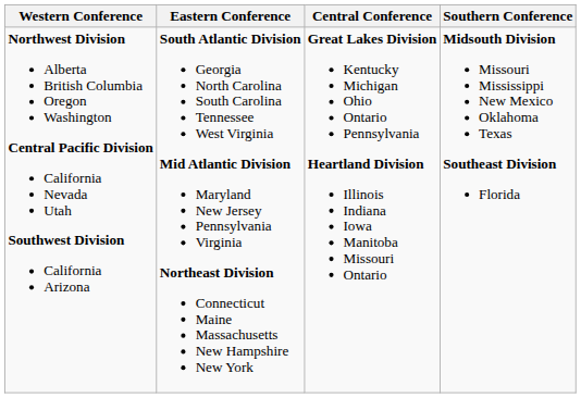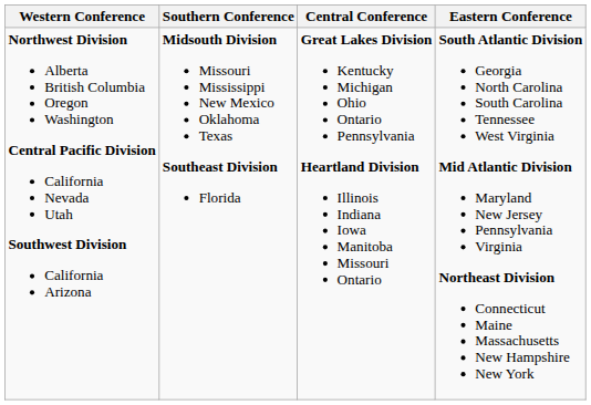 <table class="wikitable">
 <tr>
 <th>Western Conference</th>
+<th>Southern Conference</th>
+<th>Central Conference</th>
 <th>Eastern Conference</th>
-<th>Central Conference</th>
-<th>Southern Conference</th>
 </tr>
 <tr>
 <td valign=top><strong>Northwest Division</strong><br><ul><li>Alberta</li><li>British Columbia</li><li>Oregon</li><li>Washington</li></ul><strong>Central Pacific Division</strong><ul><li>California</li><li>Nevada</li><li>Utah</li></ul><strong>Southwest Division</strong><ul><li>California</li><li>Arizona</li></ul></td>
+<td valign=top><strong>Midsouth Division</strong><br><ul><li>Missouri</li><li>Mississippi</li><li>New Mexico</li><li>Oklahoma</li><li>Texas</li></ul><strong>Southeast Division</strong><ul><li>Florida</li></ul></td>
+<td valign=top><strong>Great Lakes Division</strong><br><ul><li>Kentucky</li><li>Michigan</li><li>Ohio</li><li>Ontario</li><li>Pennsylvania</li></ul><strong>Heartland Division</strong><ul><li>Illinois</li><li>Indiana</li><li>Iowa</li><li>Manitoba</li><li>Missouri</li><li>Ontario</li></ul></td>
 <td valign=top><strong>South Atlantic Division</strong><br><ul><li>Georgia</li><li>North Carolina</li><li>South Carolina</li><li>Tennessee</li><li>West Virginia</li></ul><strong>Mid Atlantic Division</strong><ul><li>Maryland</li><li>New Jersey</li><li>Pennsylvania</li><li>Virginia</li></ul><strong>Northeast Division</strong><ul><li>Connecticut</li><li>Maine</li><li>Massachusetts</li><li>New Hampshire</li><li>New York</li></ul></td>
-<td valign=top><strong>Great Lakes Division</strong><br><ul><li>Kentucky</li><li>Michigan</li><li>Ohio</li><li>Ontario</li><li>Pennsylvania</li></ul><strong>Heartland Division</strong><ul><li>Illinois</li><li>Indiana</li><li>Iowa</li><li>Manitoba</li><li>Missouri</li><li>Ontario</li></ul></td>
-<td valign=top><strong>Midsouth Division</strong><br><ul><li>Missouri</li><li>Mississippi</li><li>New Mexico</li><li>Oklahoma</li><li>Texas</li></ul><strong>Southeast Division</strong><ul><li>Florida</li></ul></td>
 </tr>
 </table>
